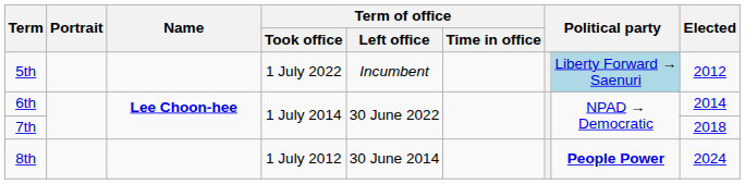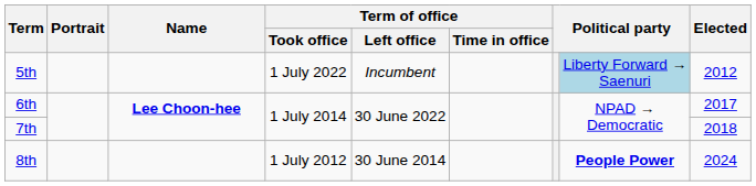 <table class="wikitable" style="text-align:center">
 <tr>
 <th rowspan="2">Term</th>
 <th rowspan="2">Portrait</th>
 <th rowspan="2" width="160">Name<br></th>
 <th colspan="3">Term of office</th>
 <th colspan="2" rowspan="2">Political party</th>
 <th rowspan="2">Elected</th>
 </tr>
 <tr>
 <th>Took office</th>
 <th>Left office</th>
 <th>Time in office</th>
 </tr>
 <tr>
 <td><a href='#'>5th</a></td>
 <td></td>
 <td><strong></strong><br><br></td>
 <td>1 July 2022</td>
 <td><em>Incumbent</em></td>
 <td></td>
 <th style="background:"></th>
 <td style="background: lightblue;"><a href='#'>Liberty Forward</a> →<br><a href='#'>Saenuri</a></td>
 <td><a href='#'>2012 </a></td>
 </tr>
 <tr>
 <td><a href='#'>6th</a></td>
 <td rowspan="2"></td>
 <td rowspan="2"><strong><a href='#'>Lee Choon-hee</a></strong><br><br></td>
 <td rowspan="2">1 July 2014</td>
 <td rowspan="2">30 June 2022</td>
 <td rowspan="2"></td>
 <th rowspan="2" style="background:"></th>
 <td rowspan="2"><a href='#'>NPAD</a> →<br><a href='#'>Democratic</a></td>
-<td><a href='#'>2014</a></td>
+<td><a href='#'>2017</a></td>
 </tr>
 <tr>
 <td><a href='#'>7th</a></td>
 <td><a href='#'>2018</a></td>
 </tr>
 <tr>
 <td><a href='#'>8th</a></td>
 <td></td>
 <td><strong></strong><br><br></td>
 <td>1 July 2012</td>
 <td>30 June 2014</td>
 <td></td>
 <th style="background:"></th>
 <td><strong><a href='#'>People Power</a></strong></td>
 <td><a href='#'>2024</a></td>
 </tr>
 </table>
